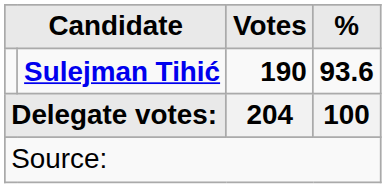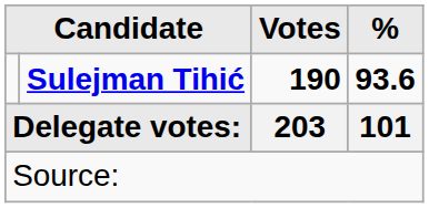 <table class="wikitable">
 <tr>
 <th style="background:#e9e9e9; text-align:center;" colspan="2">Candidate</th>
 <th style="background:#e9e9e9; text-align:center;">Votes</th>
 <th style="background:#e9e9e9; text-align:center;">%</th>
 </tr>
 <tr>
 <td style="background:"></td>
 <td style="text-align:left;"><strong><a href='#'>Sulejman Tihić</a></strong></td>
 <td style="text-align:right;"><strong>190</strong></td>
 <td style="text-align:right;"><strong>93.6</strong></td>
 </tr>
 <tr style="background:#e9e9e9;">
 <td style="text-align:left;" colspan="2"><strong>Delegate votes:</strong></td>
-<th align= right>204</th>
-<th align= right>100</th>
+<th align= right>203</th>
+<th align= right>101</th>
 </tr>
 <tr>
 <td style="text-align:left;" colspan="7">Source: </td>
 </tr>
 </table>
